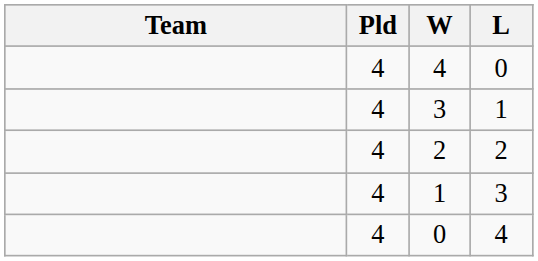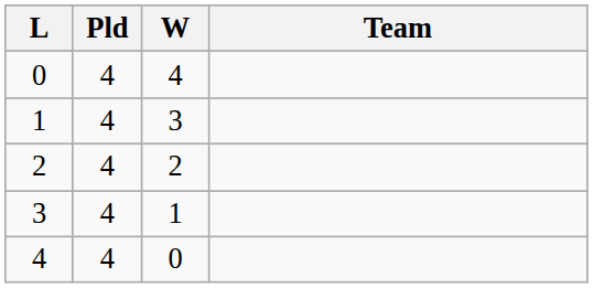 <table class=wikitable style="text-align:center">
 <tr>
-<th width=200>Team</th>
+<th width=30>L</th>
 <th width=30>Pld</th>
 <th width=30>W</th>
-<th width=30>L</th>
+<th width=200>Team</th>
 </tr>
 <tr>
+<td>0</td>
+<td>4</td>
+<td>4</td>
 <td style="text-align:left"></td>
+</tr>
+<tr>
+<td>1</td>
+<td>4</td>
+<td>3</td>
+<td style="text-align:left"></td>
+</tr>
+<tr>
+<td>2</td>
+<td>4</td>
+<td>2</td>
+<td style="text-align:left"></td>
+</tr>
+<tr>
+<td>3</td>
+<td>4</td>
+<td>1</td>
+<td style="text-align:left"></td>
+</tr>
+<tr>
 <td>4</td>
 <td>4</td>
 <td>0</td>
-</tr>
-<tr>
 <td style="text-align:left"></td>
-<td>4</td>
-<td>3</td>
-<td>1</td>
-</tr>
-<tr>
-<td style="text-align:left"></td>
-<td>4</td>
-<td>2</td>
-<td>2</td>
-</tr>
-<tr>
-<td style="text-align:left"></td>
-<td>4</td>
-<td>1</td>
-<td>3</td>
-</tr>
-<tr>
-<td style="text-align:left"></td>
-<td>4</td>
-<td>0</td>
-<td>4</td>
 </tr>
 </table>
